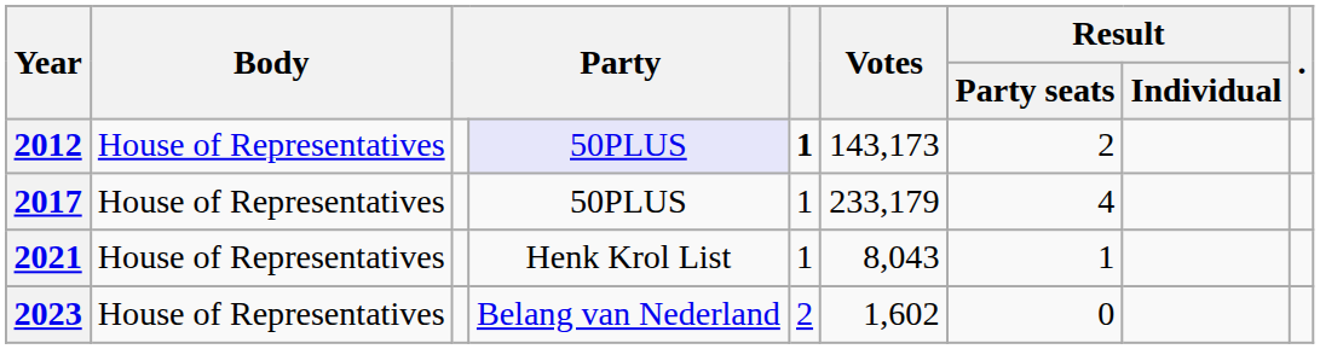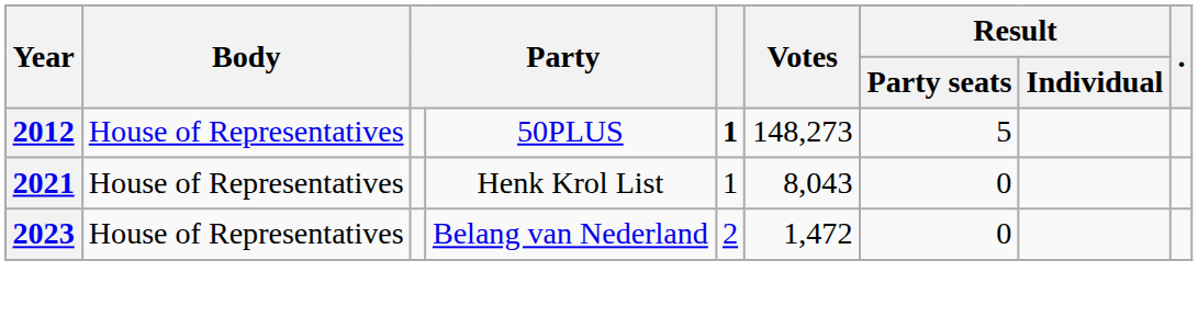 <table class="wikitable plainrowheaders sortable" border=2 cellpadding=4 cellspacing=0 style="border: 1px #aaa solid; font-size: 90%; text-align:center;">
 <tr>
 <th scope="col" rowspan=2>Year</th>
 <th scope="col" rowspan=2>Body</th>
 <th scope="col" colspan=2 rowspan=2>Party</th>
 <th scope="col" rowspan=2></th>
 <th scope="col" rowspan=2>Votes</th>
 <th scope="colgroup" colspan=2>Result</th>
 <th scope="col" rowspan=2 class="unsortable">.</th>
 </tr>
 <tr>
 <th scope="col">Party seats</th>
 <th scope="col">Individual</th>
 </tr>
 <tr>
 <th scope="row"><a href='#'>2012</a></th>
 <td><a href='#'>House of Representatives</a></td>
 <td style="background-color:"></td>
-<td style="background: lavender;"><a href='#'>50PLUS</a></td>
+<td><a href='#'>50PLUS</a></td>
 <td style=text-align:right><strong>1</strong></td>
-<td style=text-align:right>143,173</td>
-<td style=text-align:right>2</td>
-<td></td>
-<td></td>
-</tr>
-<tr>
-<th scope="row"><a href='#'>2017</a></th>
-<td>House of Representatives</td>
-<td style="background-color:"></td>
-<td>50PLUS</td>
-<td style=text-align:right>1</td>
-<td style=text-align:right>233,179</td>
-<td style=text-align:right>4</td>
+<td style=text-align:right>148,273</td>
+<td style=text-align:right>5</td>
 <td></td>
 <td></td>
 </tr>
 <tr>
 <th scope="row"><a href='#'>2021</a></th>
 <td>House of Representatives</td>
 <td style="background-color:"></td>
 <td>Henk Krol List</td>
 <td style=text-align:right>1</td>
 <td style=text-align:right>8,043</td>
-<td style=text-align:right>1</td>
+<td style=text-align:right>0</td>
 <td></td>
 <td></td>
 </tr>
 <tr>
 <th scope="row"><a href='#'>2023</a></th>
 <td>House of Representatives</td>
 <td style="background-color:"></td>
 <td><a href='#'>Belang van Nederland</a></td>
 <td style=text-align:right><a href='#'>2</a></td>
-<td style=text-align:right>1,602</td>
+<td style=text-align:right>1,472</td>
 <td style=text-align:right>0</td>
 <td></td>
 <td></td>
 </tr>
 </table>
